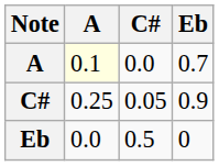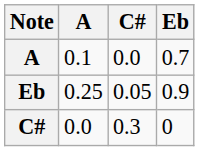 <table class="wikitable" style="float: left">
 <tr>
 <th>Note</th>
 <th>A</th>
 <th>C#</th>
 <th>Eb</th>
 </tr>
 <tr>
 <th>A</th>
-<td style="background: lightyellow;">0.1</td>
+<td>0.1</td>
 <td>0.0</td>
 <td>0.7</td>
 </tr>
 <tr>
-<th>C#</th>
+<th>Eb</th>
 <td>0.25</td>
 <td>0.05</td>
 <td>0.9</td>
 </tr>
 <tr>
-<th>Eb</th>
+<th>C#</th>
 <td>0.0</td>
-<td>0.5</td>
+<td>0.3</td>
 <td>0</td>
 </tr>
 </table>
